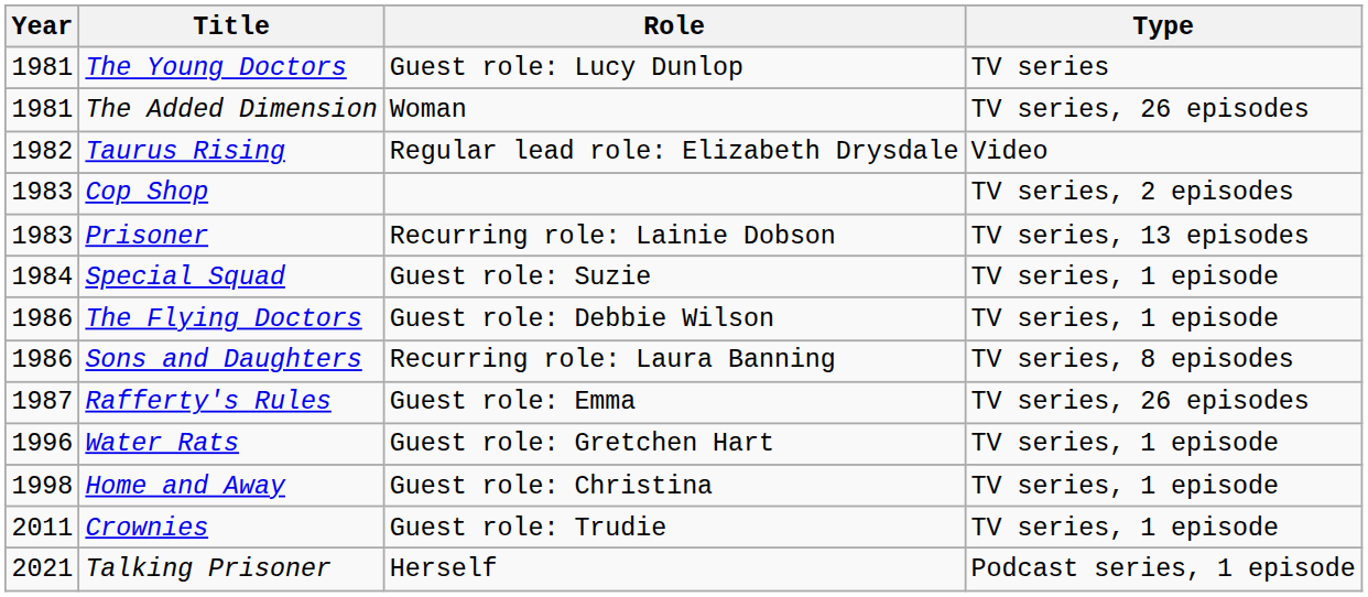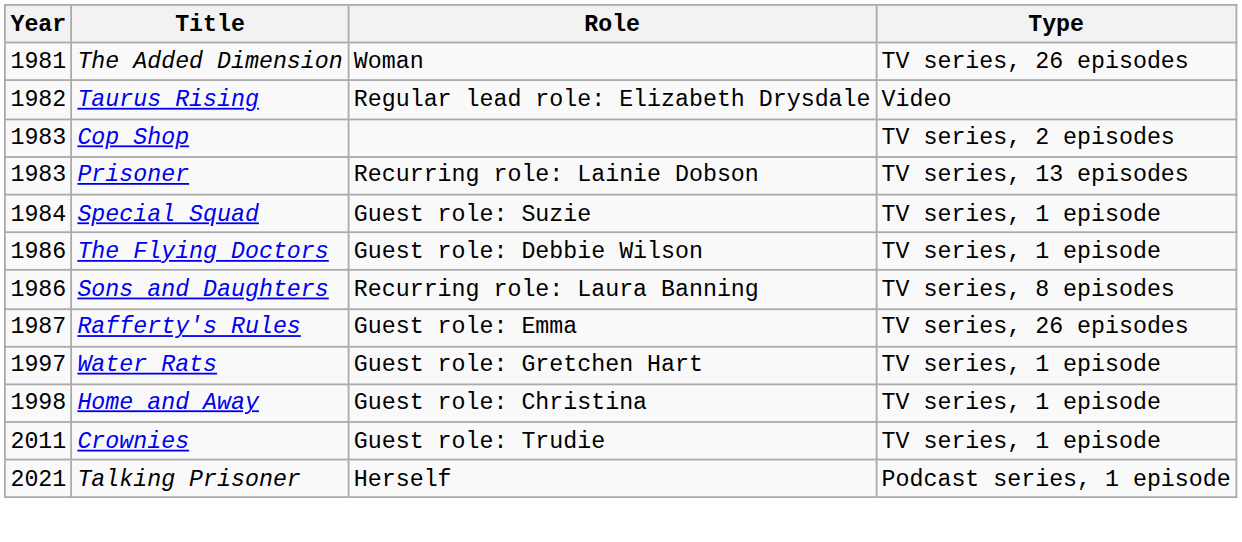 <table class="wikitable">
 <tr>
 <th>Year</th>
 <th>Title</th>
 <th>Role</th>
 <th>Type</th>
-</tr>
-<tr>
-<td>1981</td>
-<td><em><a href='#'>The Young Doctors</a></em></td>
-<td>Guest role: Lucy Dunlop</td>
-<td>TV series</td>
 </tr>
 <tr>
 <td>1981</td>
 <td><em>The Added Dimension</em></td>
 <td>Woman</td>
 <td>TV series, 26 episodes</td>
 </tr>
 <tr>
 <td>1982</td>
 <td><em><a href='#'>Taurus Rising</a></em></td>
 <td>Regular lead role: Elizabeth Drysdale</td>
 <td>Video</td>
 </tr>
 <tr>
 <td>1983</td>
 <td><em><a href='#'>Cop Shop</a></em></td>
 <td></td>
 <td>TV series, 2 episodes</td>
 </tr>
 <tr>
 <td>1983</td>
 <td><em><a href='#'>Prisoner</a></em></td>
 <td>Recurring role: Lainie Dobson</td>
 <td>TV series, 13 episodes</td>
 </tr>
 <tr>
 <td>1984</td>
 <td><em><a href='#'>Special Squad</a></em></td>
 <td>Guest role: Suzie</td>
 <td>TV series, 1 episode</td>
 </tr>
 <tr>
 <td>1986</td>
 <td><em><a href='#'>The Flying Doctors</a></em></td>
 <td>Guest role: Debbie Wilson</td>
 <td>TV series, 1 episode</td>
 </tr>
 <tr>
 <td>1986</td>
 <td><em><a href='#'>Sons and Daughters</a></em></td>
 <td>Recurring role: Laura Banning</td>
 <td>TV series, 8 episodes</td>
 </tr>
 <tr>
 <td>1987</td>
 <td><em><a href='#'>Rafferty's Rules</a></em></td>
 <td>Guest role: Emma</td>
 <td>TV series, 26 episodes</td>
 </tr>
 <tr>
-<td>1996</td>
+<td>1997</td>
 <td><em><a href='#'>Water Rats</a></em></td>
 <td>Guest role: Gretchen Hart</td>
 <td>TV series, 1 episode</td>
 </tr>
 <tr>
 <td>1998</td>
 <td><em><a href='#'>Home and Away</a></em></td>
 <td>Guest role: Christina</td>
 <td>TV series, 1 episode</td>
 </tr>
 <tr>
 <td>2011</td>
 <td><em><a href='#'>Crownies</a></em></td>
 <td>Guest role: Trudie</td>
 <td>TV series, 1 episode</td>
 </tr>
 <tr>
 <td>2021</td>
 <td><em>Talking Prisoner</em></td>
 <td>Herself</td>
 <td>Podcast series, 1 episode</td>
 </tr>
 </table>
